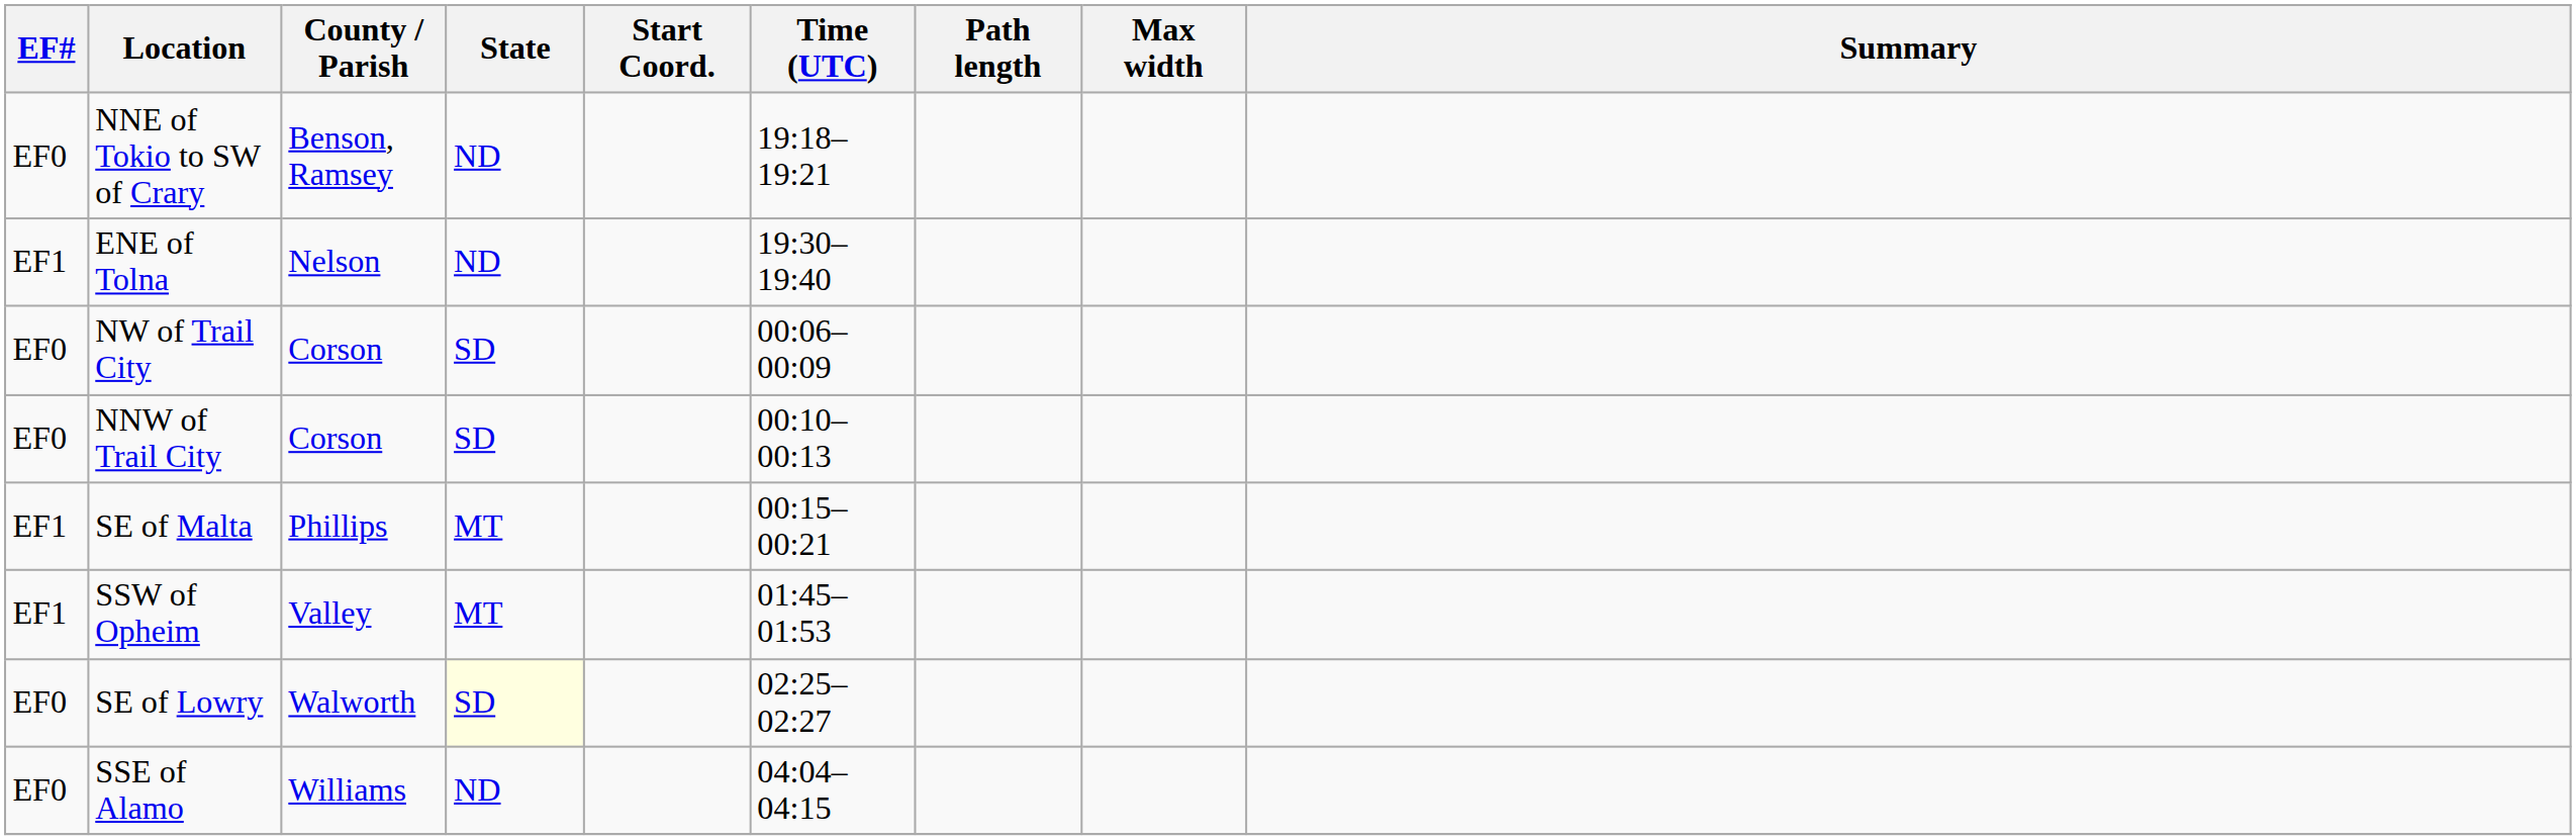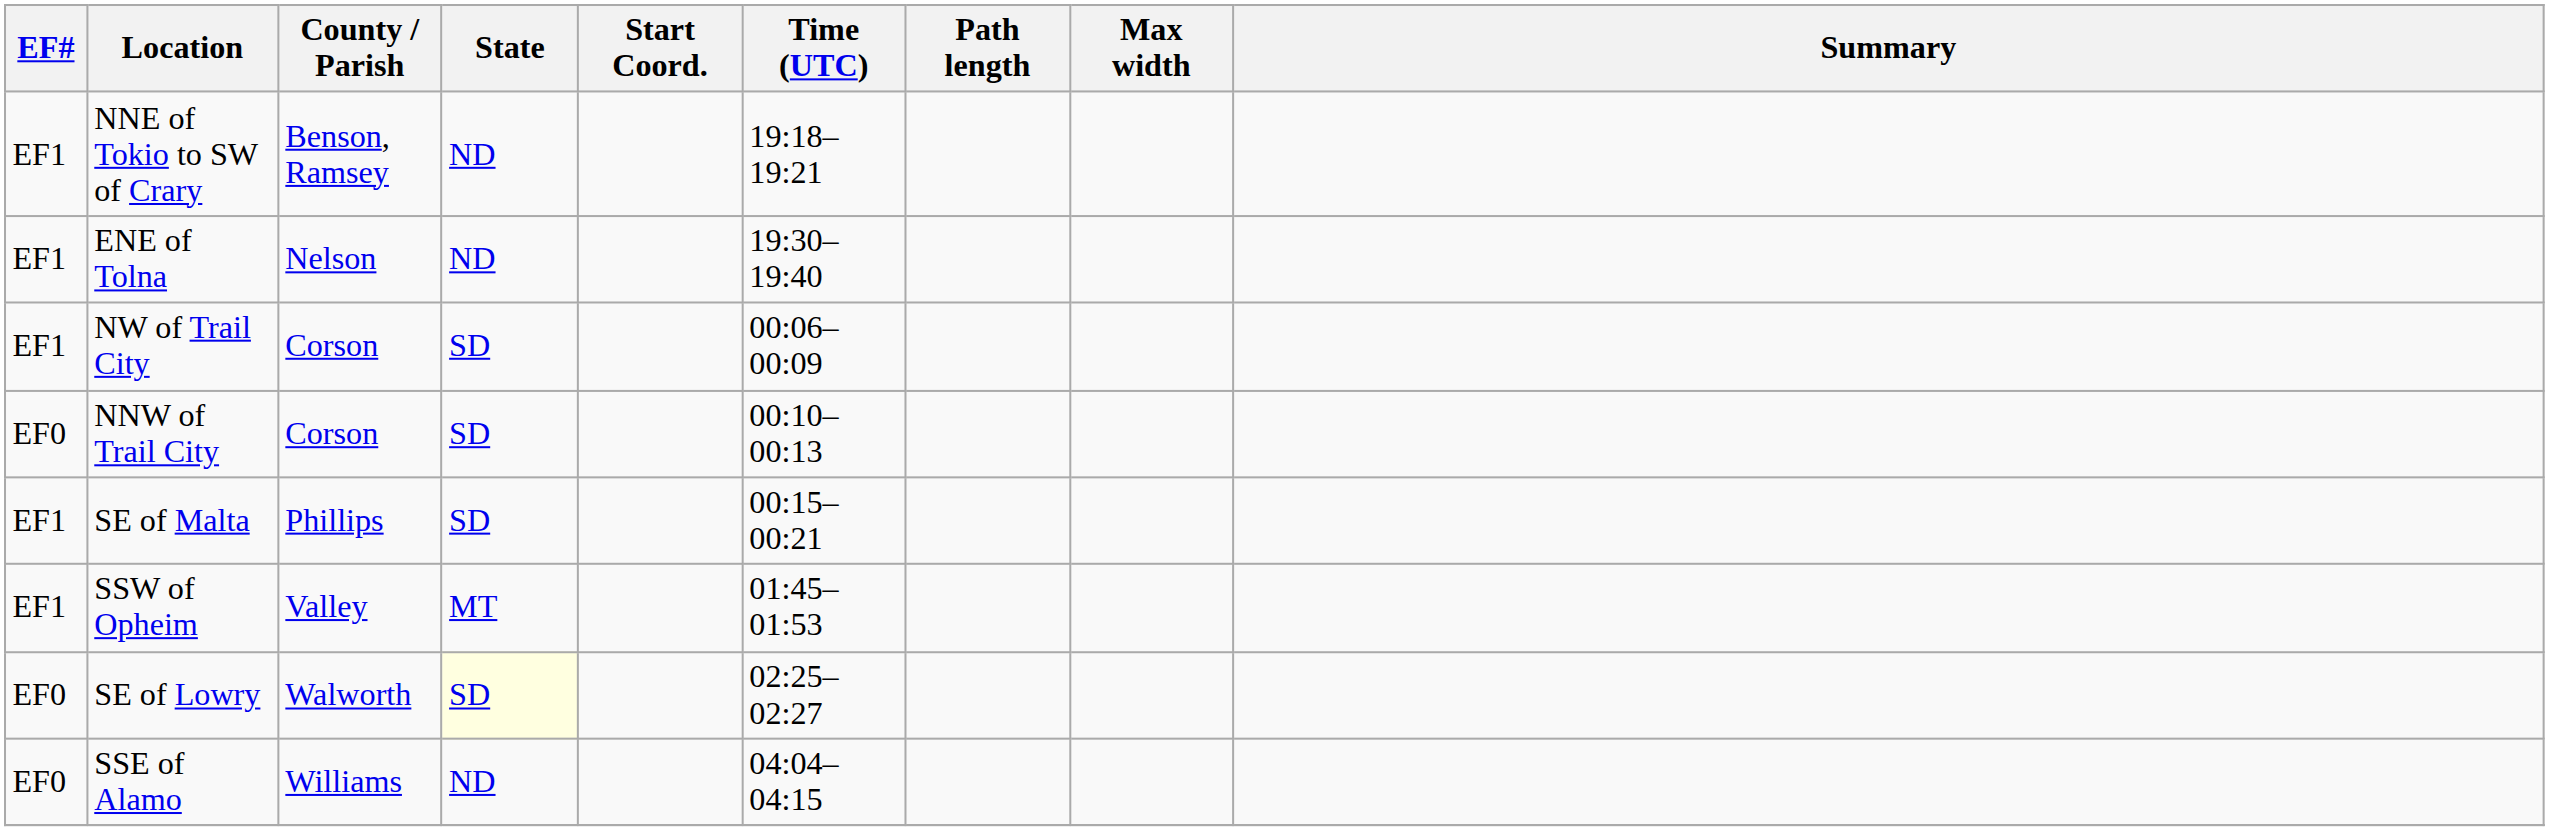 <table class="wikitable sortable" style="width:100%;">
 <tr>
 <th scope="col"  style="width:3%; text-align:center;"><a href='#'>EF#</a></th>
 <th scope="col"  style="width:7%; text-align:center;" class="unsortable">Location</th>
 <th scope="col"  style="width:6%; text-align:center;" class="unsortable">County / Parish</th>
 <th scope="col"  style="width:5%; text-align:center;">State</th>
 <th scope="col"  style="width:6%; text-align:center;">Start Coord.</th>
 <th scope="col"  style="width:6%; text-align:center;">Time (<a href='#'>UTC</a>)</th>
 <th scope="col"  style="width:6%; text-align:center;">Path length</th>
 <th scope="col"  style="width:6%; text-align:center;">Max width</th>
 <th scope="col" class="unsortable" style="width:48%; text-align:center;">Summary</th>
 </tr>
 <tr>
-<td>EF0</td>
+<td>EF1</td>
 <td>NNE of <a href='#'>Tokio</a> to SW of <a href='#'>Crary</a></td>
 <td><a href='#'>Benson</a>, <a href='#'>Ramsey</a></td>
 <td><a href='#'>ND</a></td>
 <td></td>
 <td>19:18–19:21</td>
 <td></td>
 <td></td>
 <td></td>
 </tr>
 <tr>
 <td>EF1</td>
 <td>ENE of <a href='#'>Tolna</a></td>
 <td><a href='#'>Nelson</a></td>
 <td><a href='#'>ND</a></td>
 <td></td>
 <td>19:30–19:40</td>
 <td></td>
 <td></td>
 <td></td>
 </tr>
 <tr>
-<td>EF0</td>
+<td>EF1</td>
 <td>NW of <a href='#'>Trail City</a></td>
 <td><a href='#'>Corson</a></td>
 <td><a href='#'>SD</a></td>
 <td></td>
 <td>00:06–00:09</td>
 <td></td>
 <td></td>
 <td></td>
 </tr>
 <tr>
 <td>EF0</td>
 <td>NNW of <a href='#'>Trail City</a></td>
 <td><a href='#'>Corson</a></td>
 <td><a href='#'>SD</a></td>
 <td></td>
 <td>00:10–00:13</td>
 <td></td>
 <td></td>
 <td></td>
 </tr>
 <tr>
 <td>EF1</td>
 <td>SE of <a href='#'>Malta</a></td>
 <td><a href='#'>Phillips</a></td>
-<td><a href='#'>MT</a></td>
+<td><a href='#'>SD</a></td>
 <td></td>
 <td>00:15–00:21</td>
 <td></td>
 <td></td>
 <td></td>
 </tr>
 <tr>
 <td>EF1</td>
 <td>SSW of <a href='#'>Opheim</a></td>
 <td><a href='#'>Valley</a></td>
 <td><a href='#'>MT</a></td>
 <td></td>
 <td>01:45–01:53</td>
 <td></td>
 <td></td>
 <td></td>
 </tr>
 <tr>
 <td>EF0</td>
 <td>SE of <a href='#'>Lowry</a></td>
 <td><a href='#'>Walworth</a></td>
 <td style="background: lightyellow;"><a href='#'>SD</a></td>
 <td></td>
 <td>02:25–02:27</td>
 <td></td>
 <td></td>
 <td></td>
 </tr>
 <tr>
 <td>EF0</td>
 <td>SSE of <a href='#'>Alamo</a></td>
 <td><a href='#'>Williams</a></td>
 <td><a href='#'>ND</a></td>
 <td></td>
 <td>04:04–04:15</td>
 <td></td>
 <td></td>
 <td></td>
 </tr>
 <tr>
 </tr>
 </table>
